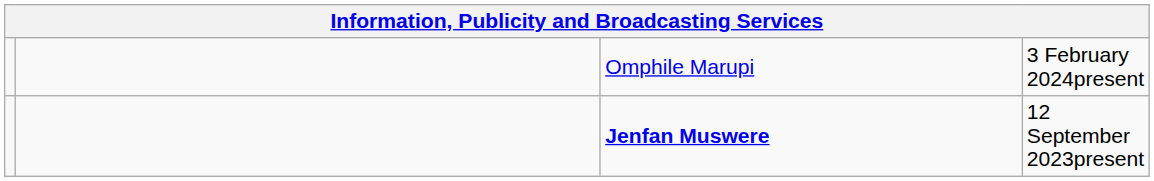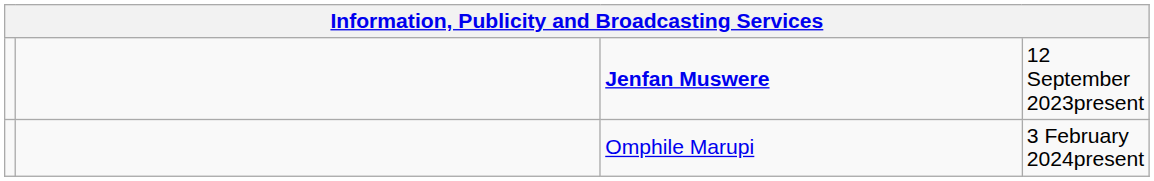 <table class="wikitable">
 <tr>
 <th colspan="4"><a href='#'>Information, Publicity and Broadcasting Services</a></th>
 </tr>
 <tr>
 <td style="width: 1px; background: "></td>
 <td style="width: 450px;"></td>
-<td style="width: 320px;"> <a href='#'>Omphile Marupi</a></td>
-<td>3 February 2024present</td>
+<td style="width: 320px;"> <strong><a href='#'>Jenfan Muswere</a></strong></td>
+<td>12 September 2023present</td>
 </tr>
 <tr>
 <td style="width: 1px; background: "></td>
 <td style="width: 450px;"></td>
-<td style="width: 320px;"> <strong><a href='#'>Jenfan Muswere</a></strong></td>
-<td>12 September 2023present</td>
+<td style="width: 320px;"> <a href='#'>Omphile Marupi</a></td>
+<td>3 February 2024present</td>
 </tr>
 </table>
